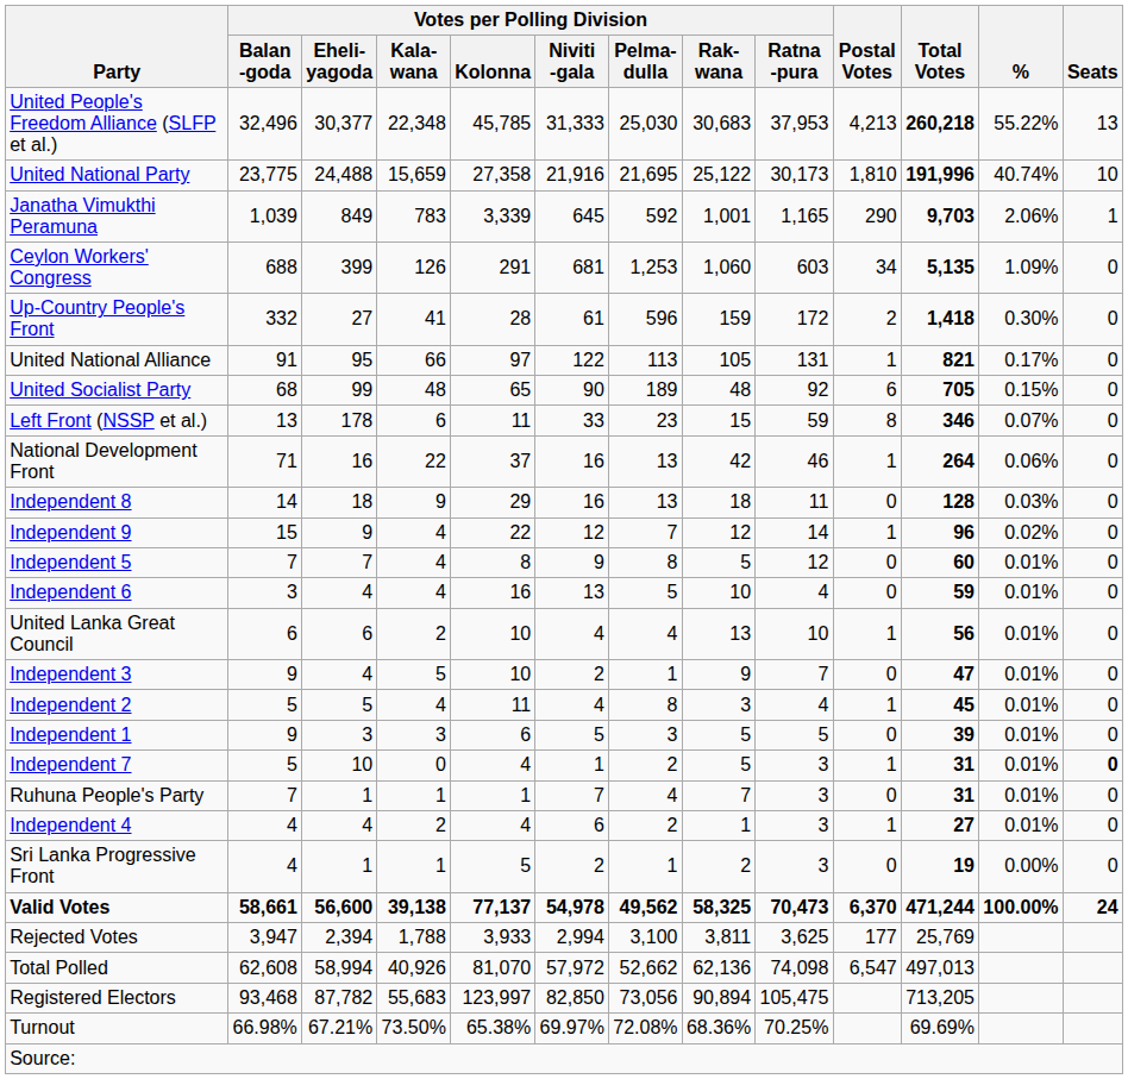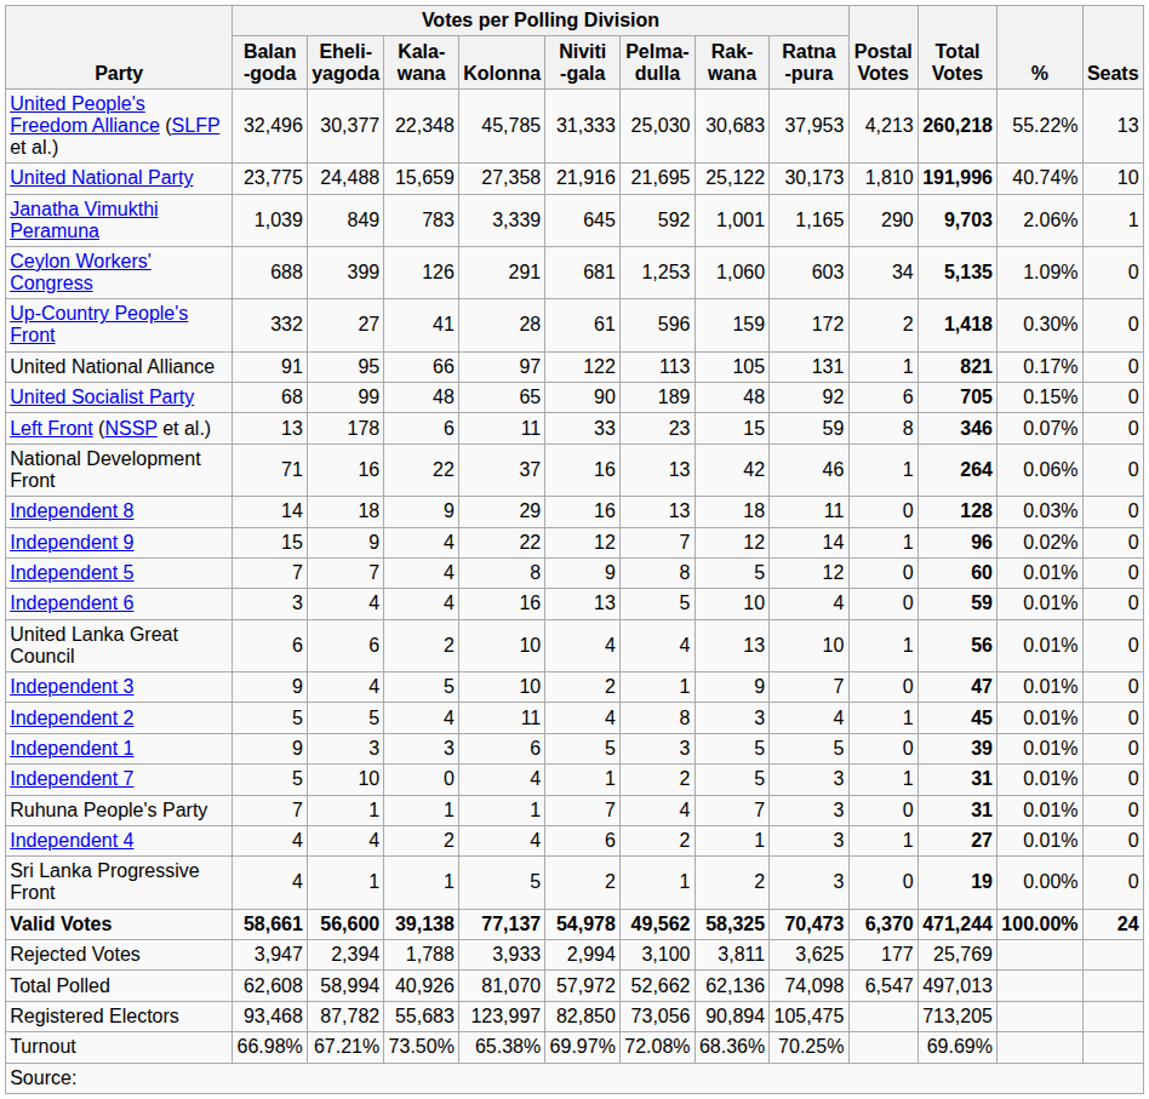 <table class="wikitable" border="1" style="text-align:right;">
 <tr>
 <th align=left valign=bottom rowspan=2 width="180">Party</th>
 <th colspan=8>Votes per Polling Division</th>
 <th align=center valign=bottom rowspan=2 width="50">Postal<br>Votes</th>
 <th align=center valign=bottom rowspan=2 width="50">Total Votes</th>
 <th align=center valign=bottom rowspan=2 width="50">%</th>
 <th align=center valign=bottom rowspan=2 width="40">Seats</th>
 </tr>
 <tr>
 <th align=center valign=bottom width="50">Balan<br>-goda</th>
 <th align=center valign=bottom width="50">Eheli-<br>yagoda</th>
 <th align=center valign=bottom width="50">Kala-<br>wana</th>
 <th align=center valign=bottom width="50">Kolonna</th>
 <th align=center valign=bottom width="50">Niviti<br>-gala</th>
 <th align=center valign=bottom width="50">Pelma-<br>dulla</th>
 <th align=center valign=bottom width="50">Rak-<br>wana</th>
 <th align=center valign=bottom width="50">Ratna<br>-pura</th>
 </tr>
 <tr>
 <td align=left><a href='#'>United People's Freedom Alliance</a> (<a href='#'>SLFP</a> et al.)</td>
 <td>32,496</td>
 <td>30,377</td>
 <td>22,348</td>
 <td>45,785</td>
 <td>31,333</td>
 <td>25,030</td>
 <td>30,683</td>
 <td>37,953</td>
 <td>4,213</td>
 <td><strong>260,218</strong></td>
 <td>55.22%</td>
 <td>13</td>
 </tr>
 <tr>
 <td align=left><a href='#'>United National Party</a></td>
 <td>23,775</td>
 <td>24,488</td>
 <td>15,659</td>
 <td>27,358</td>
 <td>21,916</td>
 <td>21,695</td>
 <td>25,122</td>
 <td>30,173</td>
 <td>1,810</td>
 <td><strong>191,996</strong></td>
 <td>40.74%</td>
 <td>10</td>
 </tr>
 <tr>
 <td align=left><a href='#'>Janatha Vimukthi Peramuna</a></td>
 <td>1,039</td>
 <td>849</td>
 <td>783</td>
 <td>3,339</td>
 <td>645</td>
 <td>592</td>
 <td>1,001</td>
 <td>1,165</td>
 <td>290</td>
 <td><strong>9,703</strong></td>
 <td>2.06%</td>
 <td>1</td>
 </tr>
 <tr>
 <td align=left><a href='#'>Ceylon Workers' Congress</a></td>
 <td>688</td>
 <td>399</td>
 <td>126</td>
 <td>291</td>
 <td>681</td>
 <td>1,253</td>
 <td>1,060</td>
 <td>603</td>
 <td>34</td>
 <td><strong>5,135</strong></td>
 <td>1.09%</td>
 <td>0</td>
 </tr>
 <tr>
 <td align=left><a href='#'>Up-Country People's Front</a></td>
 <td>332</td>
 <td>27</td>
 <td>41</td>
 <td>28</td>
 <td>61</td>
 <td>596</td>
 <td>159</td>
 <td>172</td>
 <td>2</td>
 <td><strong>1,418</strong></td>
 <td>0.30%</td>
 <td>0</td>
 </tr>
 <tr>
 <td align=left>United National Alliance</td>
 <td>91</td>
 <td>95</td>
 <td>66</td>
 <td>97</td>
 <td>122</td>
 <td>113</td>
 <td>105</td>
 <td>131</td>
 <td>1</td>
 <td><strong>821</strong></td>
 <td>0.17%</td>
 <td>0</td>
 </tr>
 <tr>
 <td align=left><a href='#'>United Socialist Party</a></td>
 <td>68</td>
 <td>99</td>
 <td>48</td>
 <td>65</td>
 <td>90</td>
 <td>189</td>
 <td>48</td>
 <td>92</td>
 <td>6</td>
 <td><strong>705</strong></td>
 <td>0.15%</td>
 <td>0</td>
 </tr>
 <tr>
 <td align=left><a href='#'>Left Front</a> (<a href='#'>NSSP</a> et al.)</td>
 <td>13</td>
 <td>178</td>
 <td>6</td>
 <td>11</td>
 <td>33</td>
 <td>23</td>
 <td>15</td>
 <td>59</td>
 <td>8</td>
 <td><strong>346</strong></td>
 <td>0.07%</td>
 <td>0</td>
 </tr>
 <tr>
 <td align=left>National Development Front</td>
 <td>71</td>
 <td>16</td>
 <td>22</td>
 <td>37</td>
 <td>16</td>
 <td>13</td>
 <td>42</td>
 <td>46</td>
 <td>1</td>
 <td><strong>264</strong></td>
 <td>0.06%</td>
 <td>0</td>
 </tr>
 <tr>
 <td align=left><a href='#'>Independent 8</a></td>
 <td>14</td>
 <td>18</td>
 <td>9</td>
 <td>29</td>
 <td>16</td>
 <td>13</td>
 <td>18</td>
 <td>11</td>
 <td>0</td>
 <td><strong>128</strong></td>
 <td>0.03%</td>
 <td>0</td>
 </tr>
 <tr>
 <td align=left><a href='#'>Independent 9</a></td>
 <td>15</td>
 <td>9</td>
 <td>4</td>
 <td>22</td>
 <td>12</td>
 <td>7</td>
 <td>12</td>
 <td>14</td>
 <td>1</td>
 <td><strong>96</strong></td>
 <td>0.02%</td>
 <td>0</td>
 </tr>
 <tr>
 <td align=left><a href='#'>Independent 5</a></td>
 <td>7</td>
 <td>7</td>
 <td>4</td>
 <td>8</td>
 <td>9</td>
 <td>8</td>
 <td>5</td>
 <td>12</td>
 <td>0</td>
 <td><strong>60</strong></td>
 <td>0.01%</td>
 <td>0</td>
 </tr>
 <tr>
 <td align=left><a href='#'>Independent 6</a></td>
 <td>3</td>
 <td>4</td>
 <td>4</td>
 <td>16</td>
 <td>13</td>
 <td>5</td>
 <td>10</td>
 <td>4</td>
 <td>0</td>
 <td><strong>59</strong></td>
 <td>0.01%</td>
 <td>0</td>
 </tr>
 <tr>
 <td align=left>United Lanka Great Council</td>
 <td>6</td>
 <td>6</td>
 <td>2</td>
 <td>10</td>
 <td>4</td>
 <td>4</td>
 <td>13</td>
 <td>10</td>
 <td>1</td>
 <td><strong>56</strong></td>
 <td>0.01%</td>
 <td>0</td>
 </tr>
 <tr>
 <td align=left><a href='#'>Independent 3</a></td>
 <td>9</td>
 <td>4</td>
 <td>5</td>
 <td>10</td>
 <td>2</td>
 <td>1</td>
 <td>9</td>
 <td>7</td>
 <td>0</td>
 <td><strong>47</strong></td>
 <td>0.01%</td>
 <td>0</td>
 </tr>
 <tr>
 <td align=left><a href='#'>Independent 2</a></td>
 <td>5</td>
 <td>5</td>
 <td>4</td>
 <td>11</td>
 <td>4</td>
 <td>8</td>
 <td>3</td>
 <td>4</td>
 <td>1</td>
 <td><strong>45</strong></td>
 <td>0.01%</td>
 <td>0</td>
 </tr>
 <tr>
 <td align=left><a href='#'>Independent 1</a></td>
 <td>9</td>
 <td>3</td>
 <td>3</td>
 <td>6</td>
 <td>5</td>
 <td>3</td>
 <td>5</td>
 <td>5</td>
 <td>0</td>
 <td><strong>39</strong></td>
 <td>0.01%</td>
 <td>0</td>
 </tr>
 <tr>
 <td align=left><a href='#'>Independent 7</a></td>
 <td>5</td>
 <td>10</td>
 <td>0</td>
 <td>4</td>
 <td>1</td>
 <td>2</td>
 <td>5</td>
 <td>3</td>
 <td>1</td>
 <td><strong>31</strong></td>
 <td>0.01%</td>
-<td><strong>0</strong></td>
+<td>0</td>
 </tr>
 <tr>
 <td align=left>Ruhuna People's Party</td>
 <td>7</td>
 <td>1</td>
 <td>1</td>
 <td>1</td>
 <td>7</td>
 <td>4</td>
 <td>7</td>
 <td>3</td>
 <td>0</td>
 <td><strong>31</strong></td>
 <td>0.01%</td>
 <td>0</td>
 </tr>
 <tr>
 <td align=left><a href='#'>Independent 4</a></td>
 <td>4</td>
 <td>4</td>
 <td>2</td>
 <td>4</td>
 <td>6</td>
 <td>2</td>
 <td>1</td>
 <td>3</td>
 <td>1</td>
 <td><strong>27</strong></td>
 <td>0.01%</td>
 <td>0</td>
 </tr>
 <tr>
 <td align=left>Sri Lanka Progressive Front</td>
 <td>4</td>
 <td>1</td>
 <td>1</td>
 <td>5</td>
 <td>2</td>
 <td>1</td>
 <td>2</td>
 <td>3</td>
 <td>0</td>
 <td><strong>19</strong></td>
 <td>0.00%</td>
 <td>0</td>
 </tr>
 <tr>
 <td align=left><strong>Valid Votes</strong></td>
 <td><strong>58,661</strong></td>
 <td><strong>56,600</strong></td>
 <td><strong>39,138</strong></td>
 <td><strong>77,137</strong></td>
 <td><strong>54,978</strong></td>
 <td><strong>49,562</strong></td>
 <td><strong>58,325</strong></td>
 <td><strong>70,473</strong></td>
 <td><strong>6,370</strong></td>
 <td><strong>471,244</strong></td>
 <td><strong>100.00%</strong></td>
 <td><strong>24</strong></td>
 </tr>
 <tr>
 <td align=left>Rejected Votes</td>
 <td>3,947</td>
 <td>2,394</td>
 <td>1,788</td>
 <td>3,933</td>
 <td>2,994</td>
 <td>3,100</td>
 <td>3,811</td>
 <td>3,625</td>
 <td>177</td>
 <td>25,769</td>
 <td></td>
 <td></td>
 </tr>
 <tr>
 <td align=left>Total Polled</td>
 <td>62,608</td>
 <td>58,994</td>
 <td>40,926</td>
 <td>81,070</td>
 <td>57,972</td>
 <td>52,662</td>
 <td>62,136</td>
 <td>74,098</td>
 <td>6,547</td>
 <td>497,013</td>
 <td></td>
 <td></td>
 </tr>
 <tr>
 <td align=left>Registered Electors</td>
 <td>93,468</td>
 <td>87,782</td>
 <td>55,683</td>
 <td>123,997</td>
 <td>82,850</td>
 <td>73,056</td>
 <td>90,894</td>
 <td>105,475</td>
 <td></td>
 <td>713,205</td>
 <td></td>
 <td></td>
 </tr>
 <tr>
 <td align=left>Turnout</td>
 <td>66.98%</td>
 <td>67.21%</td>
 <td>73.50%</td>
 <td>65.38%</td>
 <td>69.97%</td>
 <td>72.08%</td>
 <td>68.36%</td>
 <td>70.25%</td>
 <td></td>
 <td>69.69%</td>
 <td></td>
 <td></td>
 </tr>
 <tr>
 <td align=left colspan=14>Source:</td>
 </tr>
 </table>
